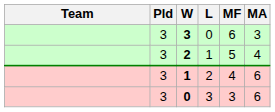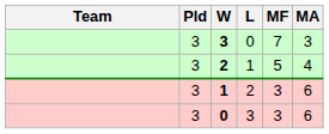 <table class=wikitable style="text-align:center">
 <tr>
 <th width=175>Team</th>
 <th width=20>Pld</th>
 <th width=20>W</th>
 <th width=20>L</th>
 <th width=20>MF</th>
 <th width=20>MA</th>
 </tr>
 <tr bgcolor=ccffcc>
 <td style="text-align:left"></td>
 <td>3</td>
 <td><strong>3</strong></td>
 <td>0</td>
-<td>6</td>
+<td>7</td>
 <td>3</td>
 </tr>
 <tr bgcolor=ccffcc style="border-bottom:2px solid green;">
 <td style="text-align:left"></td>
 <td>3</td>
 <td><strong>2</strong></td>
 <td>1</td>
 <td>5</td>
 <td>4</td>
 </tr>
 <tr bgcolor=ffcccc>
 <td style="text-align:left"></td>
 <td>3</td>
 <td><strong>1</strong></td>
 <td>2</td>
-<td>4</td>
+<td>3</td>
 <td>6</td>
 </tr>
 <tr bgcolor=ffcccc>
 <td style="text-align:left"></td>
 <td>3</td>
 <td><strong>0</strong></td>
 <td>3</td>
 <td>3</td>
 <td>6</td>
 </tr>
 </table>
